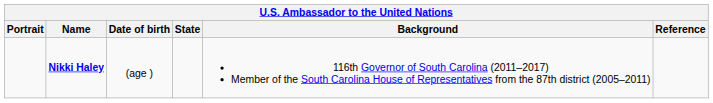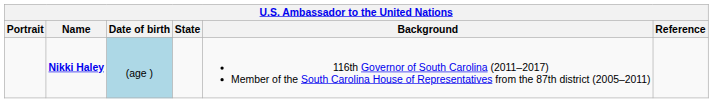 <table class="wikitable collapsible" style="text-align:center;">
 <tr>
 <th colspan="6"><a href='#'>U.S. Ambassador to the United Nations</a></th>
 </tr>
 <tr>
 <th>Portrait</th>
 <th>Name</th>
 <th>Date of birth</th>
 <th>State</th>
 <th>Background</th>
 <th>Reference</th>
 </tr>
 <tr>
 <td></td>
 <td><strong><a href='#'>Nikki Haley</a></strong></td>
-<td><br>(age )</td>
+<td style="background: lightblue;"><br>(age )</td>
 <td></td>
 <td><br><ul><li>116th <a href='#'>Governor of South Carolina</a> (2011–2017)</li><li>Member of the <a href='#'>South Carolina House of Representatives</a> from the 87th district (2005–2011)</li></ul></td>
 <td></td>
 </tr>
 </table>
